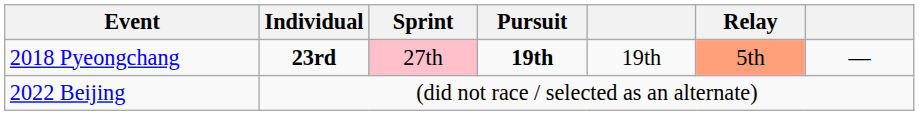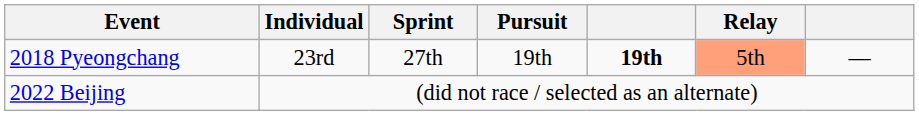 <table class="wikitable" style="text-align: center;">
 <tr>
 <th width="28%">Event</th>
 <th width="12%">Individual</th>
 <th width="12%">Sprint</th>
 <th width="12%">Pursuit</th>
 <th width="12%"></th>
 <th width="12%">Relay</th>
 <th width="12%"></th>
 </tr>
 <tr>
 <td align=left> <a href='#'>2018 Pyeongchang</a></td>
-<td><strong>23rd</strong></td>
-<td style="background: pink;">27th</td>
+<td>23rd</td>
+<td>27th</td>
+<td>19th</td>
 <td><strong>19th</strong></td>
-<td>19th</td>
 <td style="background: lightsalmon;">5th</td>
 <td>—</td>
 </tr>
 <tr>
 <td align=left> <a href='#'>2022 Beijing</a></td>
 <td colspan="6">(did not race / selected as an alternate)</td>
 </tr>
 </table>
